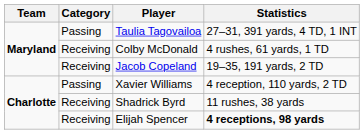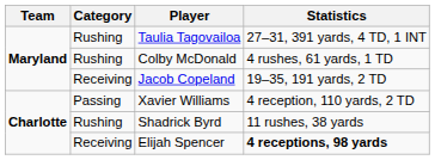 <table class="wikitable" style="float: left;">
 <tr>
 <th>Team</th>
 <th>Category</th>
 <th>Player</th>
 <th>Statistics</th>
 </tr>
 <tr>
 <td rowspan=3><strong>Maryland</strong></td>
-<td>Passing</td>
+<td>Rushing</td>
 <td><a href='#'>Taulia Tagovailoa</a></td>
 <td>27–31, 391 yards, 4 TD, 1 INT</td>
 </tr>
 <tr>
-<td>Receiving</td>
+<td>Rushing</td>
 <td>Colby McDonald</td>
 <td>4 rushes, 61 yards, 1 TD</td>
 </tr>
 <tr>
 <td>Receiving</td>
 <td><a href='#'>Jacob Copeland</a></td>
 <td>19–35, 191 yards, 2 TD</td>
 </tr>
 <tr>
 <td rowspan=3><strong>Charlotte</strong></td>
 <td>Passing</td>
 <td>Xavier Williams</td>
 <td>4 reception, 110 yards, 2 TD</td>
 </tr>
 <tr>
-<td>Receiving</td>
+<td>Rushing</td>
 <td>Shadrick Byrd</td>
 <td>11 rushes, 38 yards</td>
 </tr>
 <tr>
 <td>Receiving</td>
 <td>Elijah Spencer</td>
 <td><strong>4 receptions, 98 yards</strong></td>
 </tr>
 </table>
